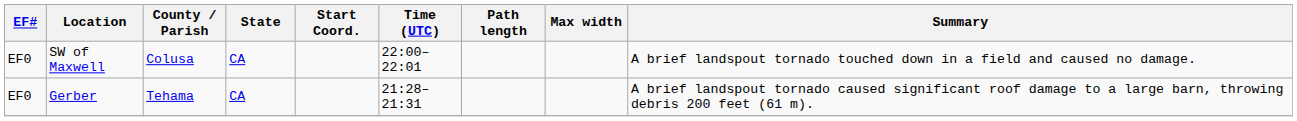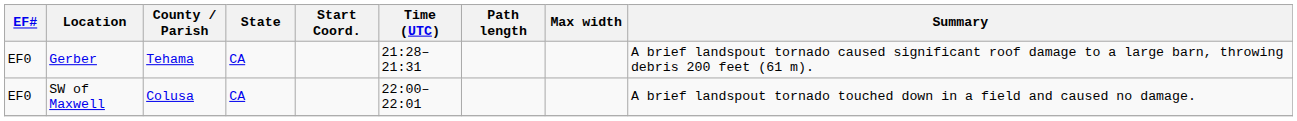 <table class="wikitable sortable" style="width:100%;">
 <tr>
 <th scope="col"  style="width:3%; text-align:center;"><a href='#'>EF#</a></th>
 <th scope="col"  style="width:7%; text-align:center;" class="unsortable">Location</th>
 <th scope="col"  style="width:6%; text-align:center;" class="unsortable">County / Parish</th>
 <th scope="col"  style="width:5%; text-align:center;">State</th>
 <th scope="col"  style="width:6%; text-align:center;">Start Coord.</th>
 <th scope="col"  style="width:6%; text-align:center;">Time (<a href='#'>UTC</a>)</th>
 <th scope="col"  style="width:6%; text-align:center;">Path length</th>
 <th scope="col"  style="width:6%; text-align:center;">Max width</th>
 <th scope="col" class="unsortable" style="width:48%; text-align:center;">Summary</th>
 </tr>
 <tr>
 <td>EF0</td>
+<td><a href='#'>Gerber</a></td>
+<td><a href='#'>Tehama</a></td>
+<td><a href='#'>CA</a></td>
+<td></td>
+<td>21:28–21:31</td>
+<td></td>
+<td></td>
+<td>A brief landspout tornado caused significant roof damage to a large barn, throwing debris 200 feet (61 m).</td>
+</tr>
+<tr>
+<td>EF0</td>
 <td>SW of <a href='#'>Maxwell</a></td>
 <td><a href='#'>Colusa</a></td>
 <td><a href='#'>CA</a></td>
 <td></td>
 <td>22:00–22:01</td>
 <td></td>
 <td></td>
 <td>A brief landspout tornado touched down in a field and caused no damage.</td>
 </tr>
 <tr>
-<td>EF0</td>
-<td><a href='#'>Gerber</a></td>
-<td><a href='#'>Tehama</a></td>
-<td><a href='#'>CA</a></td>
-<td></td>
-<td>21:28–21:31</td>
-<td></td>
-<td></td>
-<td>A brief landspout tornado caused significant roof damage to a large barn, throwing debris 200 feet (61 m).</td>
-</tr>
-<tr>
 </tr>
 </table>
